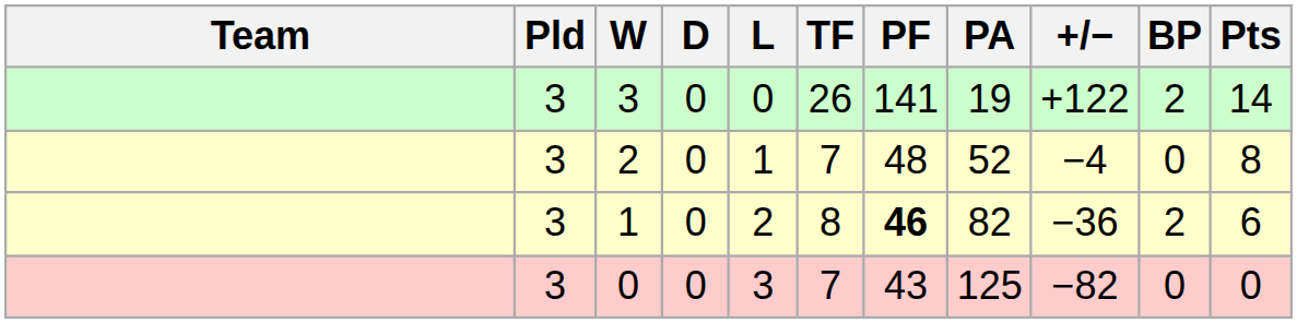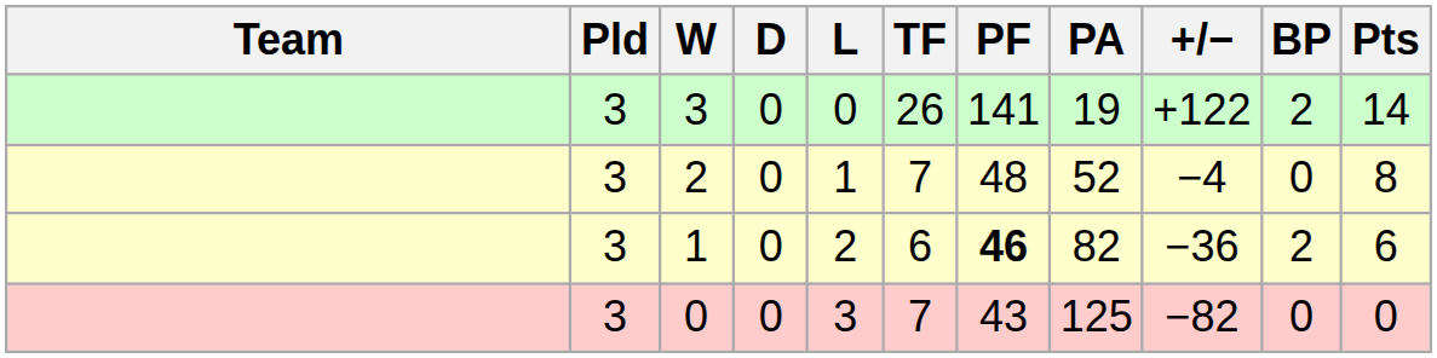 <table class="wikitable" style="text-align:center">
 <tr>
 <th width="200">Team</th>
 <th width="20">Pld</th>
 <th width="20">W</th>
 <th width="20">D</th>
 <th width="20">L</th>
 <th width="20">TF</th>
 <th width="20">PF</th>
 <th width="20">PA</th>
 <th width="25">+/−</th>
 <th width="20">BP</th>
 <th width="20">Pts</th>
 </tr>
 <tr style="background:#cfc;">
 <td align="left"></td>
 <td>3</td>
 <td>3</td>
 <td>0</td>
 <td>0</td>
 <td>26</td>
 <td>141</td>
 <td>19</td>
 <td>+122</td>
 <td>2</td>
 <td>14</td>
 </tr>
 <tr style="background:#ffc;">
 <td align="left"></td>
 <td>3</td>
 <td>2</td>
 <td>0</td>
 <td>1</td>
 <td>7</td>
 <td>48</td>
 <td>52</td>
 <td>−4</td>
 <td>0</td>
 <td>8</td>
 </tr>
 <tr style="background:#ffc;">
 <td align="left"></td>
 <td>3</td>
 <td>1</td>
 <td>0</td>
 <td>2</td>
-<td>8</td>
+<td>6</td>
 <td><strong>46</strong></td>
 <td>82</td>
 <td>−36</td>
 <td>2</td>
 <td>6</td>
 </tr>
 <tr style="background:#fcc;">
 <td align="left"></td>
 <td>3</td>
 <td>0</td>
 <td>0</td>
 <td>3</td>
 <td>7</td>
 <td>43</td>
 <td>125</td>
 <td>−82</td>
 <td>0</td>
 <td>0</td>
 </tr>
 </table>
